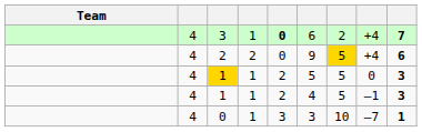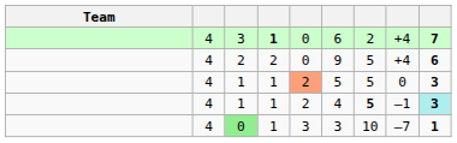 <table class="wikitable" style="text-align:center">
 <tr>
 <th width=175>Team</th>
 <th width=25></th>
 <th width=25></th>
 <th width=25></th>
 <th width=25></th>
 <th width=25></th>
 <th width=25></th>
 <th width=25></th>
 <th width=25></th>
 </tr>
 <tr bgcolor=ccffcc>
 <td style="text-align:left;"></td>
 <td>4</td>
 <td>3</td>
-<td>1</td>
-<td><strong>0</strong></td>
+<td><strong>1</strong></td>
+<td>0</td>
 <td>6</td>
 <td>2</td>
 <td>+4</td>
 <td><strong>7</strong></td>
 </tr>
 <tr>
 <td style="text-align:left;"></td>
 <td>4</td>
 <td>2</td>
 <td>2</td>
 <td>0</td>
 <td>9</td>
-<td style="background: gold;">5</td>
+<td>5</td>
 <td>+4</td>
 <td><strong>6</strong></td>
 </tr>
 <tr>
 <td style="text-align:left;"></td>
 <td>4</td>
-<td style="background: gold;">1</td>
 <td>1</td>
-<td>2</td>
+<td>1</td>
+<td style="background: lightsalmon;">2</td>
 <td>5</td>
 <td>5</td>
 <td>0</td>
 <td><strong>3</strong></td>
 </tr>
 <tr>
 <td style="text-align:left;"></td>
 <td>4</td>
 <td>1</td>
 <td>1</td>
 <td>2</td>
 <td>4</td>
-<td>5</td>
+<td><strong>5</strong></td>
 <td>–1</td>
-<td><strong>3</strong></td>
+<td style="background: paleturquoise;"><strong>3</strong></td>
 </tr>
 <tr>
 <td style="text-align:left;"></td>
 <td>4</td>
-<td>0</td>
+<td style="background: lightgreen;">0</td>
 <td>1</td>
 <td>3</td>
 <td>3</td>
 <td>10</td>
 <td>–7</td>
 <td><strong>1</strong></td>
 </tr>
 </table>
